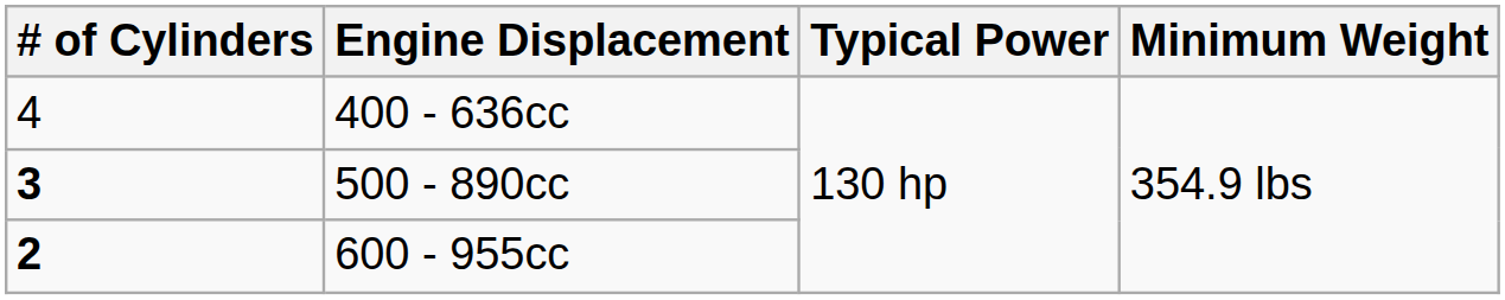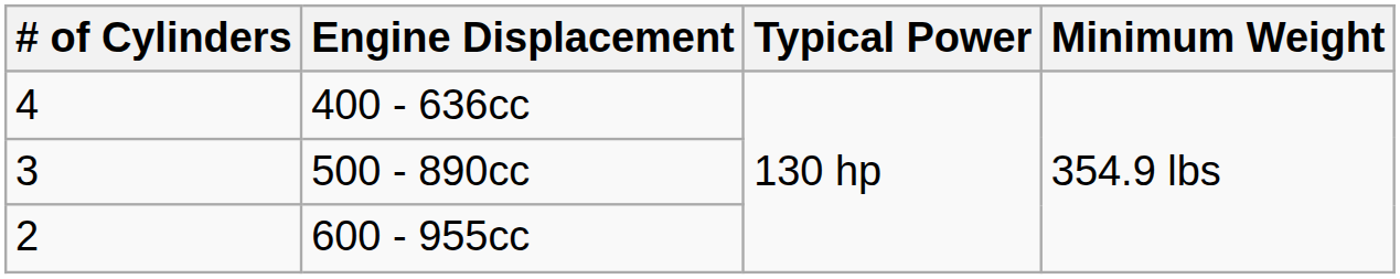 <table class="wikitable">
 <tr>
 <th># of Cylinders</th>
 <th>Engine Displacement</th>
 <th>Typical Power</th>
 <th>Minimum Weight</th>
 </tr>
 <tr>
 <td>4</td>
 <td>400 - 636cc</td>
 <td rowspan="3">130 hp</td>
 <td rowspan="3">354.9 lbs</td>
 </tr>
 <tr>
-<td><strong>3</strong></td>
+<td>3</td>
 <td>500 - 890cc</td>
 </tr>
 <tr>
-<td><strong>2</strong></td>
+<td>2</td>
 <td>600 - 955cc</td>
 </tr>
 </table>
